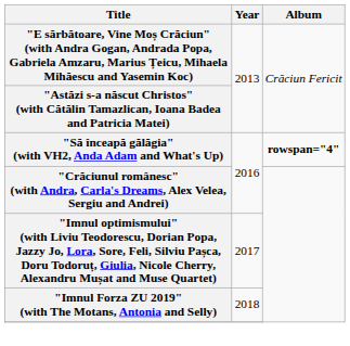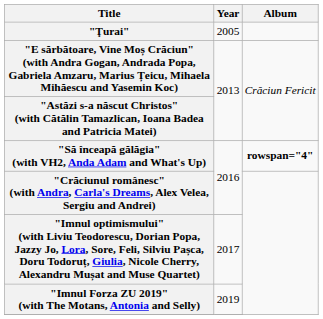 <table class="wikitable plainrowheaders" style="text-align:center;">
 <tr>
 <th scope="col" style="width:18em;">Title</th>
 <th scope="col" style="width:1em;">Year</th>
 <th scope="col">Album</th>
+</tr>
+<tr>
+<th scope="row">"Ţurai"</th>
+<td>2005</td>
+<td></td>
 </tr>
 <tr>
 <th scope="row">"E sărbătoare, Vine Moș Crăciun"<br><span>(with Andra Gogan, Andrada Popa, Gabriela Amzaru, Marius Țeicu, Mihaela Mihăescu and Yasemin Koc)</span></th>
 <td rowspan="2">2013</td>
 <td rowspan="2"><em>Crăciun Fericit</em></td>
 </tr>
 <tr>
 <th scope="row">"Astăzi s-a născut Christos"<br><span>(with Cătălin Tamazlican, Ioana Badea and Patricia Matei)</span></th>
 </tr>
 <tr>
 <th scope="row">"Să înceapă gălăgia"<br><span>(with VH2, <a href='#'>Anda Adam</a> and What's Up)</span></th>
 <td rowspan="2">2016</td>
 <td><strong>rowspan="4" </strong></td>
 </tr>
 <tr>
 <th scope="row">"Crăciunul românesc"<br><span>(with <a href='#'>Andra</a>, <a href='#'>Carla's Dreams</a>, Alex Velea, Sergiu and Andrei)</span></th>
 </tr>
 <tr>
 <th scope="row">"Imnul optimismului"<br><span>(with Liviu Teodorescu, Dorian Popa, Jazzy Jo, <a href='#'>Lora</a>, Sore, Feli, Silviu Pașca, Doru Todoruț, <a href='#'>Giulia</a>, Nicole Cherry, Alexandru Mușat and Muse Quartet)</span></th>
 <td>2017</td>
 </tr>
 <tr>
 <th scope="row">"Imnul Forza ZU 2019"<br><span>(with The Motans,  <a href='#'>Antonia</a> and Selly)</span></th>
-<td>2018</td>
+<td>2019</td>
 </tr>
 <tr>
 </tr>
 </table>
